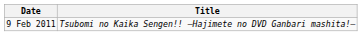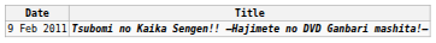 <table class="wikitable">
 <tr>
 <th>Date</th>
 <th>Title</th>
 </tr>
 <tr>
 <td>9 Feb 2011</td>
-<td><em>Tsubomi no Kaika Sengen!! –Hajimete no DVD Ganbari mashita!–</em></td>
+<td><strong><em>Tsubomi no Kaika Sengen!! –Hajimete no DVD Ganbari mashita!–</em></strong></td>
 </tr>
 </table>
